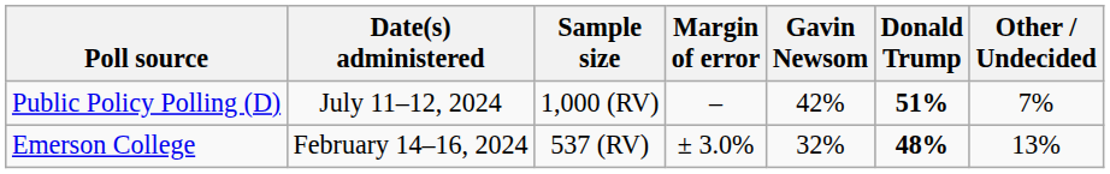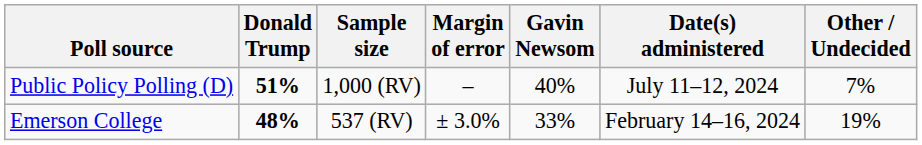 <table class="wikitable sortable mw-datatable" style="font-size:90%;text-align:center;line-height:17px">
 <tr valign=bottom>
 <th>Poll source</th>
-<th>Date(s)<br>administered</th>
+<th class="unsortable">Donald<br>Trump<br></th>
 <th>Sample<br>size</th>
 <th>Margin<br>of error</th>
 <th class="unsortable">Gavin<br>Newsom<br></th>
-<th class="unsortable">Donald<br>Trump<br></th>
+<th>Date(s)<br>administered</th>
 <th class="unsortable">Other /<br>Undecided</th>
 </tr>
 <tr>
 <td style="text-align:left;"><a href='#'>Public Policy Polling (D)</a></td>
-<td data-sort-value="2024-07-22">July 11–12, 2024</td>
+<td style="background-color:"><strong>51%</strong></td>
 <td>1,000 (RV)</td>
 <td>–</td>
-<td>42%</td>
-<td style="background-color:"><strong>51%</strong></td>
+<td>40%</td>
+<td data-sort-value="2024-07-22">July 11–12, 2024</td>
 <td>7%</td>
 </tr>
 <tr>
 <td style="text-align:left;"><a href='#'>Emerson College</a></td>
-<td data-sort-value="2024-02-20">February 14–16, 2024</td>
+<td style="background-color:"><strong>48%</strong></td>
 <td>537 (RV)</td>
 <td>± 3.0%</td>
-<td>32%</td>
-<td style="background-color:"><strong>48%</strong></td>
-<td>13%</td>
+<td>33%</td>
+<td data-sort-value="2024-02-20">February 14–16, 2024</td>
+<td>19%</td>
 </tr>
 </table>
